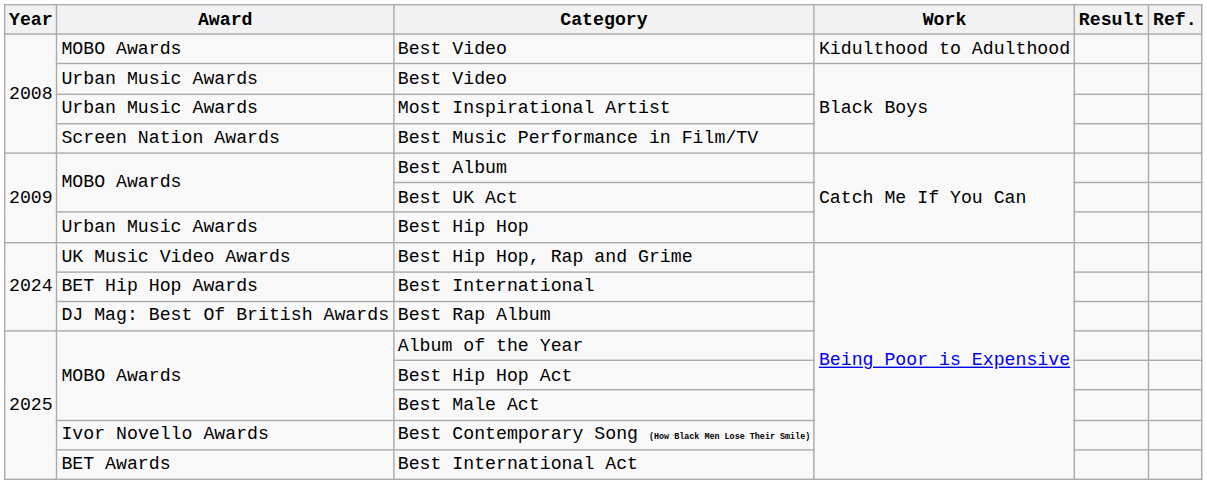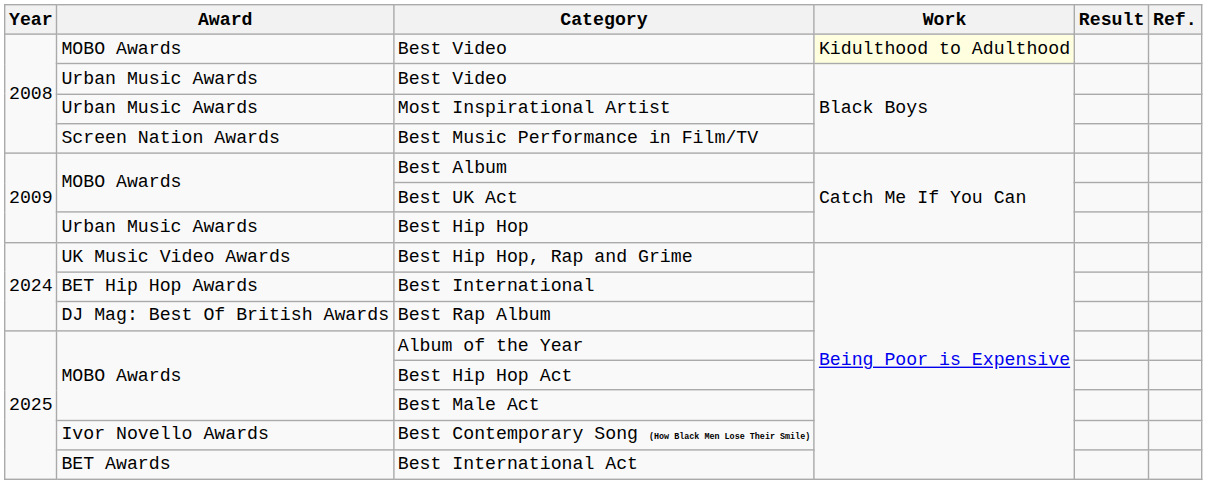 <table class="wikitable">
 <tr>
 <th scope="col">Year</th>
 <th scope="col">Award</th>
 <th scope="col">Category</th>
 <th scope="col">Work</th>
 <th scope="col">Result</th>
 <th>Ref.</th>
 </tr>
 <tr>
 <td rowspan="4">2008</td>
 <td>MOBO Awards</td>
 <td>Best Video</td>
-<td>Kidulthood to Adulthood</td>
+<td style="background: lightyellow;">Kidulthood to Adulthood</td>
 <td></td>
 <td></td>
 </tr>
 <tr>
 <td>Urban Music Awards</td>
 <td>Best Video</td>
 <td rowspan="3">Black Boys</td>
 <td></td>
 <td></td>
 </tr>
 <tr>
 <td>Urban Music Awards</td>
 <td colspan="2">Most Inspirational Artist</td>
 <td></td>
 <td></td>
 </tr>
 <tr>
 <td>Screen Nation Awards</td>
 <td>Best Music Performance in Film/TV</td>
 <td></td>
 <td></td>
 </tr>
 <tr>
 <td rowspan="3">2009</td>
 <td rowspan="2">MOBO Awards</td>
 <td>Best Album</td>
 <td rowspan="3">Catch Me If You Can</td>
 <td></td>
 <td></td>
 </tr>
 <tr>
 <td>Best UK Act</td>
 <td></td>
 <td></td>
 </tr>
 <tr>
 <td>Urban Music Awards</td>
 <td>Best Hip Hop</td>
 <td></td>
 <td></td>
 </tr>
 <tr>
 <td rowspan="3">2024</td>
 <td>UK Music Video Awards</td>
 <td>Best Hip Hop, Rap and Grime</td>
 <td rowspan="8"><a href='#'>Being Poor is Expensive</a></td>
 <td></td>
 <td></td>
 </tr>
 <tr>
 <td>BET Hip Hop Awards</td>
 <td>Best International</td>
 <td></td>
 <td></td>
 </tr>
 <tr>
 <td>DJ Mag: Best Of British Awards</td>
 <td>Best Rap Album</td>
 <td></td>
 <td></td>
 </tr>
 <tr>
 <td rowspan="5">2025</td>
 <td rowspan="3">MOBO Awards</td>
 <td>Album of the Year</td>
 <td></td>
 <td></td>
 </tr>
 <tr>
 <td>Best Hip Hop Act</td>
 <td></td>
 <td></td>
 </tr>
 <tr>
 <td>Best Male Act</td>
 <td></td>
 <td></td>
 </tr>
 <tr>
 <td>Ivor Novello Awards</td>
 <td>Best Contemporary Song <strong><small><small><small><small><small><small>(How Black Men Lose Their Smile)</small></small></small></small></small></small></strong></td>
 <td></td>
 <td></td>
 </tr>
 <tr>
 <td>BET Awards</td>
 <td>Best International Act</td>
 <td></td>
 <td></td>
 </tr>
 </table>
